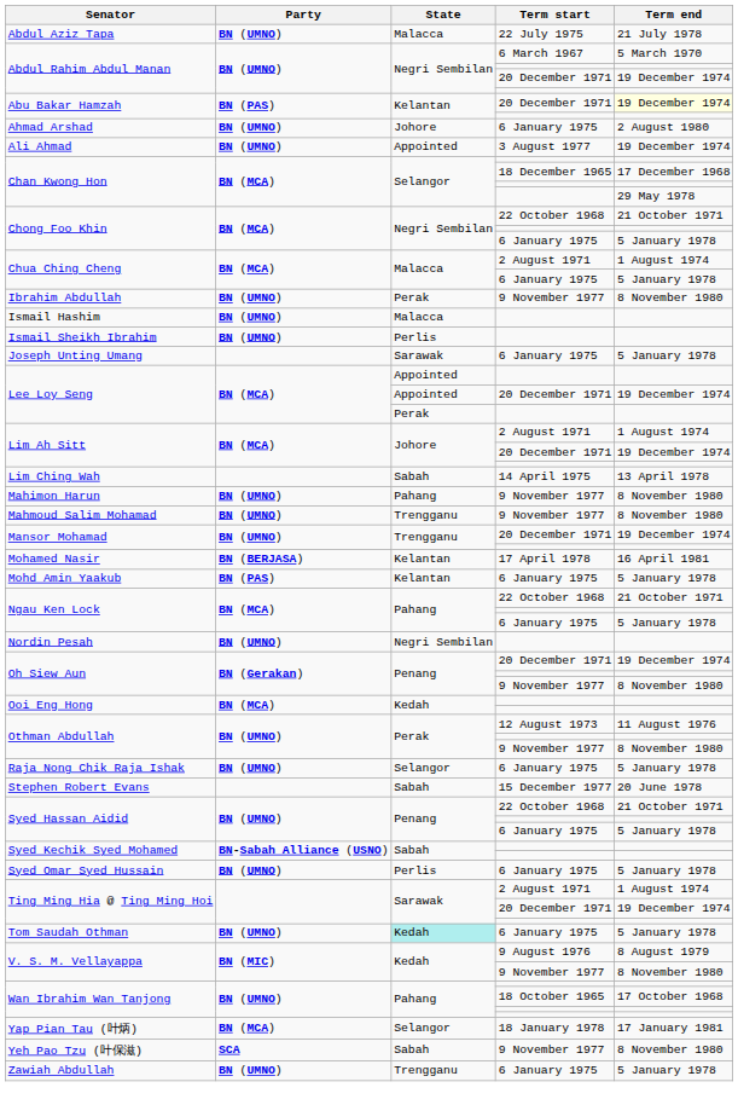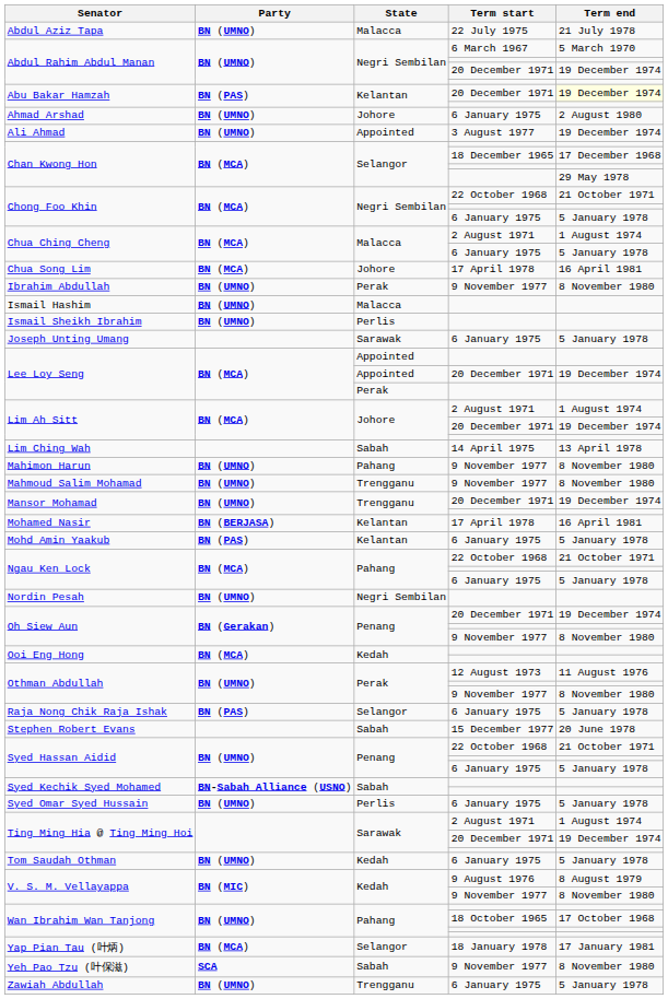 <table class="wikitable sortable">
 <tr>
 <th>Senator</th>
 <th>Party</th>
 <th>State</th>
 <th>Term start</th>
 <th>Term end</th>
 </tr>
 <tr>
 <td><a href='#'>Abdul Aziz Tapa</a></td>
 <td><strong><a href='#'>BN</a></strong> (<strong><a href='#'>UMNO</a></strong>)</td>
 <td>Malacca</td>
 <td>22 July 1975</td>
 <td>21 July 1978</td>
 </tr>
 <tr>
 <td rowspan=4><a href='#'>Abdul Rahim Abdul Manan</a></td>
 <td rowspan=4><strong><a href='#'>BN</a></strong> (<strong><a href='#'>UMNO</a></strong>)</td>
 <td rowspan=4>Negri Sembilan</td>
 <td>6 March 1967</td>
 <td>5 March 1970</td>
 </tr>
 <tr>
 <td></td>
 <td></td>
 </tr>
 <tr>
 <td>20 December 1971</td>
 <td>19 December 1974</td>
 </tr>
 <tr>
 <td></td>
 <td></td>
 </tr>
 <tr>
 <td rowspan=2><a href='#'>Abu Bakar Hamzah</a></td>
 <td rowspan=2><strong><a href='#'>BN</a></strong> (<strong><a href='#'>PAS</a></strong>)</td>
 <td rowspan=2>Kelantan</td>
 <td>20 December 1971</td>
 <td style="background: lightyellow;">19 December 1974</td>
 </tr>
 <tr>
 <td></td>
 <td></td>
 </tr>
 <tr>
 <td><a href='#'>Ahmad Arshad</a></td>
 <td><strong><a href='#'>BN</a></strong> (<strong><a href='#'>UMNO</a></strong>)</td>
 <td>Johore</td>
 <td>6 January 1975</td>
 <td>2 August 1980</td>
 </tr>
 <tr>
 <td><a href='#'>Ali Ahmad</a></td>
 <td><strong><a href='#'>BN</a></strong> (<strong><a href='#'>UMNO</a></strong>)</td>
 <td>Appointed</td>
 <td>3 August 1977</td>
 <td>19 December 1974</td>
 </tr>
 <tr>
 <td rowspan=4><a href='#'>Chan Kwong Hon</a></td>
 <td rowspan=4><strong><a href='#'>BN</a></strong> (<strong><a href='#'>MCA</a></strong>)</td>
 <td rowspan=4>Selangor</td>
 <td></td>
 <td></td>
 </tr>
 <tr>
 <td>18 December 1965</td>
 <td>17 December 1968</td>
 </tr>
 <tr>
 <td></td>
 <td></td>
 </tr>
 <tr>
 <td></td>
 <td>29 May 1978</td>
 </tr>
 <tr>
 <td rowspan=3><a href='#'>Chong Foo Khin</a></td>
 <td rowspan=3><strong><a href='#'>BN</a></strong> (<strong><a href='#'>MCA</a></strong>)</td>
 <td rowspan=3>Negri Sembilan</td>
 <td>22 October 1968</td>
 <td>21 October 1971</td>
 </tr>
 <tr>
 <td></td>
 <td></td>
 </tr>
 <tr>
 <td>6 January 1975</td>
 <td>5 January 1978</td>
 </tr>
 <tr>
 <td rowspan=2><a href='#'>Chua Ching Cheng</a></td>
 <td rowspan=2><strong><a href='#'>BN</a></strong> (<strong><a href='#'>MCA</a></strong>)</td>
 <td rowspan=2>Malacca</td>
 <td>2 August 1971</td>
 <td>1 August 1974</td>
 </tr>
 <tr>
 <td>6 January 1975</td>
 <td>5 January 1978</td>
+</tr>
+<tr>
+<td><a href='#'>Chua Song Lim</a></td>
+<td><strong><a href='#'>BN</a></strong> (<strong><a href='#'>MCA</a></strong>)</td>
+<td>Johore</td>
+<td>17 April 1978</td>
+<td>16 April 1981</td>
 </tr>
 <tr>
 <td><a href='#'>Ibrahim Abdullah</a></td>
 <td><strong><a href='#'>BN</a></strong> (<strong><a href='#'>UMNO</a></strong>)</td>
 <td>Perak</td>
 <td>9 November 1977</td>
 <td>8 November 1980</td>
 </tr>
 <tr>
 <td>Ismail Hashim</td>
 <td><strong><a href='#'>BN</a></strong> (<strong><a href='#'>UMNO</a></strong>)</td>
 <td>Malacca</td>
 <td></td>
 <td></td>
 </tr>
 <tr>
 <td><a href='#'>Ismail Sheikh Ibrahim</a></td>
 <td><strong><a href='#'>BN</a></strong> (<strong><a href='#'>UMNO</a></strong>)</td>
 <td>Perlis</td>
 <td></td>
 <td></td>
 </tr>
 <tr>
 <td><a href='#'>Joseph Unting Umang</a></td>
 <td></td>
 <td>Sarawak</td>
 <td>6 January 1975</td>
 <td>5 January 1978</td>
 </tr>
 <tr>
 <td rowspan=3><a href='#'>Lee Loy Seng</a></td>
 <td rowspan=3><strong><a href='#'>BN</a></strong> (<strong><a href='#'>MCA</a></strong>)</td>
 <td>Appointed</td>
 <td></td>
 <td></td>
 </tr>
 <tr>
 <td>Appointed</td>
 <td>20 December 1971</td>
 <td>19 December 1974</td>
 </tr>
 <tr>
 <td>Perak</td>
 <td></td>
 <td></td>
 </tr>
 <tr>
 <td rowspan=3><a href='#'>Lim Ah Sitt</a></td>
 <td rowspan=3><strong><a href='#'>BN</a></strong> (<strong><a href='#'>MCA</a></strong>)</td>
 <td rowspan=3>Johore</td>
 <td>2 August 1971</td>
 <td>1 August 1974</td>
 </tr>
 <tr>
 <td>20 December 1971</td>
 <td>19 December 1974</td>
 </tr>
 <tr>
 <td></td>
 <td></td>
 </tr>
 <tr>
 <td><a href='#'>Lim Ching Wah</a></td>
 <td></td>
 <td>Sabah</td>
 <td>14 April 1975</td>
 <td>13 April 1978</td>
 </tr>
 <tr>
 <td><a href='#'>Mahimon Harun</a></td>
 <td><strong><a href='#'>BN</a></strong> (<strong><a href='#'>UMNO</a></strong>)</td>
 <td>Pahang</td>
 <td>9 November 1977</td>
 <td>8 November 1980</td>
 </tr>
 <tr>
 <td><a href='#'>Mahmoud Salim Mohamad</a></td>
 <td><strong><a href='#'>BN</a></strong> (<strong><a href='#'>UMNO</a></strong>)</td>
 <td>Trengganu</td>
 <td>9 November 1977</td>
 <td>8 November 1980</td>
 </tr>
 <tr>
 <td rowspan=2><a href='#'>Mansor Mohamad</a></td>
 <td rowspan=2><strong><a href='#'>BN</a></strong> (<strong><a href='#'>UMNO</a></strong>)</td>
 <td rowspan=2>Trengganu</td>
 <td>20 December 1971</td>
 <td>19 December 1974</td>
 </tr>
 <tr>
 <td></td>
 <td></td>
 </tr>
 <tr>
 <td><a href='#'>Mohamed Nasir</a></td>
 <td><strong><a href='#'>BN</a></strong> (<strong><a href='#'>BERJASA</a></strong>)</td>
 <td>Kelantan</td>
 <td>17 April 1978</td>
 <td>16 April 1981</td>
 </tr>
 <tr>
 <td><a href='#'>Mohd Amin Yaakub</a></td>
 <td><strong><a href='#'>BN</a></strong> (<strong><a href='#'>PAS</a></strong>)</td>
 <td>Kelantan</td>
 <td>6 January 1975</td>
 <td>5 January 1978</td>
 </tr>
 <tr>
 <td rowspan=3><a href='#'>Ngau Ken Lock</a></td>
 <td rowspan=3><strong><a href='#'>BN</a></strong> (<strong><a href='#'>MCA</a></strong>)</td>
 <td rowspan=3>Pahang</td>
 <td>22 October 1968</td>
 <td>21 October 1971</td>
 </tr>
 <tr>
 <td></td>
 <td></td>
 </tr>
 <tr>
 <td>6 January 1975</td>
 <td>5 January 1978</td>
 </tr>
 <tr>
 <td><a href='#'>Nordin Pesah</a></td>
 <td><strong><a href='#'>BN</a></strong> (<strong><a href='#'>UMNO</a></strong>)</td>
 <td>Negri Sembilan</td>
 <td></td>
 <td></td>
 </tr>
 <tr>
 <td rowspan=3><a href='#'>Oh Siew Aun</a></td>
 <td rowspan=3><strong><a href='#'>BN</a></strong> (<strong><a href='#'>Gerakan</a></strong>)</td>
 <td rowspan=3>Penang</td>
 <td>20 December 1971</td>
 <td>19 December 1974</td>
 </tr>
 <tr>
 <td></td>
 <td></td>
 </tr>
 <tr>
 <td>9 November 1977</td>
 <td>8 November 1980</td>
 </tr>
 <tr>
 <td rowspan=2><a href='#'>Ooi Eng Hong</a></td>
 <td rowspan=2><strong><a href='#'>BN</a></strong> (<strong><a href='#'>MCA</a></strong>)</td>
 <td rowspan=2>Kedah</td>
 <td></td>
 <td></td>
 </tr>
 <tr>
 <td></td>
 <td></td>
 </tr>
 <tr>
 <td rowspan=3><a href='#'>Othman Abdullah</a></td>
 <td rowspan=3><strong><a href='#'>BN</a></strong> (<strong><a href='#'>UMNO</a></strong>)</td>
 <td rowspan=3>Perak</td>
 <td>12 August 1973</td>
 <td>11 August 1976</td>
 </tr>
 <tr>
 <td></td>
 <td></td>
 </tr>
 <tr>
 <td>9 November 1977</td>
 <td>8 November 1980</td>
 </tr>
 <tr>
 <td><a href='#'>Raja Nong Chik Raja Ishak</a></td>
-<td><strong><a href='#'>BN</a></strong> (<strong><a href='#'>UMNO</a></strong>)</td>
+<td><strong><a href='#'>BN</a></strong> (<strong><a href='#'>PAS</a></strong>)</td>
 <td>Selangor</td>
 <td>6 January 1975</td>
 <td>5 January 1978</td>
 </tr>
 <tr>
 <td><a href='#'>Stephen Robert Evans</a></td>
 <td></td>
 <td>Sabah</td>
 <td>15 December 1977</td>
 <td>20 June 1978</td>
 </tr>
 <tr>
 <td rowspan=3><a href='#'>Syed Hassan Aidid</a></td>
 <td rowspan=3><strong><a href='#'>BN</a></strong> (<strong><a href='#'>UMNO</a></strong>)</td>
 <td rowspan=3>Penang</td>
 <td>22 October 1968</td>
 <td>21 October 1971</td>
 </tr>
 <tr>
 <td></td>
 <td></td>
 </tr>
 <tr>
 <td>6 January 1975</td>
 <td>5 January 1978</td>
 </tr>
 <tr>
 <td rowspan=2><a href='#'>Syed Kechik Syed Mohamed</a></td>
 <td rowspan=2><strong><a href='#'>BN</a>-<a href='#'>Sabah Alliance</a></strong> (<strong><a href='#'>USNO</a></strong>)</td>
 <td rowspan=2>Sabah</td>
 <td></td>
 <td></td>
 </tr>
 <tr>
 <td></td>
 <td></td>
 </tr>
 <tr>
 <td><a href='#'>Syed Omar Syed Hussain</a></td>
 <td><strong><a href='#'>BN</a></strong> (<strong><a href='#'>UMNO</a></strong>)</td>
 <td>Perlis</td>
 <td>6 January 1975</td>
 <td>5 January 1978</td>
 </tr>
 <tr>
 <td rowspan=3><a href='#'>Ting Ming Hia</a> @ <a href='#'>Ting Ming Hoi</a></td>
 <td rowspan=3></td>
 <td rowspan=3>Sarawak</td>
 <td>2 August 1971</td>
 <td>1 August 1974</td>
 </tr>
 <tr>
 <td>20 December 1971</td>
 <td>19 December 1974</td>
 </tr>
 <tr>
 <td></td>
 <td></td>
 </tr>
 <tr>
 <td><a href='#'>Tom Saudah Othman</a></td>
 <td><strong><a href='#'>BN</a></strong> (<strong><a href='#'>UMNO</a></strong>)</td>
-<td style="background: paleturquoise;">Kedah</td>
+<td>Kedah</td>
 <td>6 January 1975</td>
 <td>5 January 1978</td>
 </tr>
 <tr>
 <td rowspan=2><a href='#'>V. S. M. Vellayappa</a></td>
 <td rowspan=2><strong><a href='#'>BN</a></strong> (<strong><a href='#'>MIC</a></strong>)</td>
 <td rowspan=2>Kedah</td>
 <td>9 August 1976</td>
 <td>8 August 1979</td>
 </tr>
 <tr>
 <td>9 November 1977</td>
 <td>8 November 1980</td>
 </tr>
 <tr>
 <td rowspan=4><a href='#'>Wan Ibrahim Wan Tanjong</a></td>
 <td rowspan=4><strong><a href='#'>BN</a></strong> (<strong><a href='#'>UMNO</a></strong>)</td>
 <td rowspan=4>Pahang</td>
 <td></td>
 <td></td>
 </tr>
 <tr>
 <td>18 October 1965</td>
 <td>17 October 1968</td>
 </tr>
 <tr>
 <td></td>
 <td></td>
 </tr>
 <tr>
 <td></td>
 <td></td>
 </tr>
 <tr>
 <td><a href='#'>Yap Pian Tau</a> (叶炳)</td>
 <td><strong><a href='#'>BN</a></strong> (<strong><a href='#'>MCA</a></strong>)</td>
 <td>Selangor</td>
 <td>18 January 1978</td>
 <td>17 January 1981</td>
 </tr>
 <tr>
 <td><a href='#'>Yeh Pao Tzu</a> (叶保滋)</td>
 <td><strong><a href='#'>SCA</a></strong></td>
 <td>Sabah</td>
 <td>9 November 1977</td>
 <td>8 November 1980</td>
 </tr>
 <tr>
 <td><a href='#'>Zawiah Abdullah</a></td>
 <td><strong><a href='#'>BN</a></strong> (<strong><a href='#'>UMNO</a></strong>)</td>
 <td>Trengganu</td>
 <td>6 January 1975</td>
 <td>5 January 1978</td>
 </tr>
 </table>
